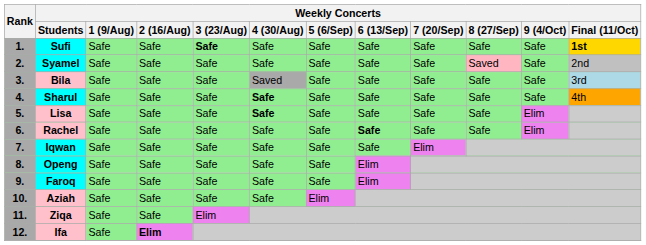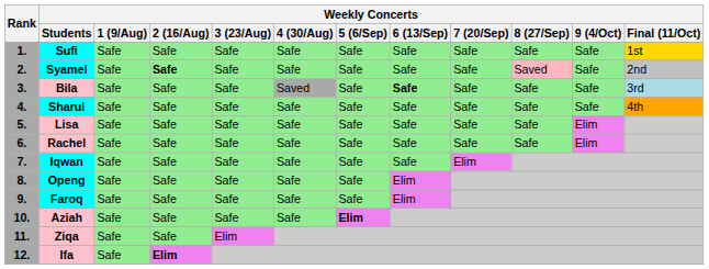 <table class="wikitable" style="font-size:90%;">
 <tr>
 <th rowspan="2">Rank</th>
 <th colspan="11">Weekly Concerts</th>
 </tr>
 <tr>
 <th>Students</th>
 <th>1 (9/Aug)</th>
 <th>2 (16/Aug)</th>
 <th>3 (23/Aug)</th>
 <th>4 (30/Aug)</th>
 <th>5 (6/Sep)</th>
 <th>6 (13/Sep)</th>
 <th>7 (20/Sep)</th>
 <th>8 (27/Sep)</th>
 <th>9 (4/Oct)</th>
 <th>Final (11/Oct)</th>
 </tr>
 <tr style="background: lightgreen;|">
 <th style="background: darkgray;">1.</th>
 <th style="background: cyan;">Sufi</th>
 <td>Safe</td>
 <td>Safe</td>
-<td><strong>Safe</strong></td>
 <td>Safe</td>
 <td>Safe</td>
 <td>Safe</td>
 <td>Safe</td>
 <td>Safe</td>
 <td>Safe</td>
-<td style="background: gold;"><strong>1st</strong></td>
+<td>Safe</td>
+<td style="background: gold;">1st</td>
 </tr>
 <tr style="background: lightgreen;|">
 <th style="background: darkgray;">2.</th>
 <th style="background: cyan;">Syamel</th>
 <td>Safe</td>
-<td>Safe</td>
+<td><strong>Safe</strong></td>
 <td>Safe</td>
 <td>Safe</td>
 <td>Safe</td>
 <td>Safe</td>
 <td>Safe</td>
 <td style="background: lightpink;">Saved</td>
 <td>Safe</td>
 <td style="background: silver;">2nd</td>
 </tr>
 <tr style="background: lightgreen;|">
 <th style="background: darkgray;">3.</th>
 <th style="background: pink;">Bila</th>
 <td>Safe</td>
 <td>Safe</td>
 <td>Safe</td>
 <td style="background: darkgray;">Saved</td>
 <td>Safe</td>
-<td>Safe</td>
+<td><strong>Safe</strong></td>
 <td>Safe</td>
 <td>Safe</td>
 <td>Safe</td>
 <td style="background: lightblue;">3rd</td>
 </tr>
 <tr style="background: lightgreen;|">
 <th style="background: darkgray;">4.</th>
 <th style="background: cyan;">Sharul</th>
 <td>Safe</td>
 <td>Safe</td>
 <td>Safe</td>
-<td><strong>Safe</strong></td>
+<td>Safe</td>
 <td>Safe</td>
 <td>Safe</td>
 <td>Safe</td>
 <td>Safe</td>
 <td>Safe</td>
 <td style="background: orange;">4th</td>
 </tr>
 <tr style="background: lightgreen;|">
 <th style="background: darkgray;">5.</th>
 <th style="background: pink;">Lisa</th>
 <td>Safe</td>
 <td>Safe</td>
 <td>Safe</td>
-<td><strong>Safe</strong></td>
+<td>Safe</td>
 <td>Safe</td>
 <td>Safe</td>
 <td>Safe</td>
 <td>Safe</td>
 <td style="background: violet;">Elim</td>
 <td style="background:#CCCCCC" colspan="10"></td>
 </tr>
 <tr style="background: lightgreen;|">
 <th style="background: darkgray;">6.</th>
 <th style="background: pink;">Rachel</th>
 <td>Safe</td>
 <td>Safe</td>
 <td>Safe</td>
 <td>Safe</td>
 <td>Safe</td>
-<td><strong>Safe</strong></td>
+<td>Safe</td>
 <td>Safe</td>
 <td>Safe</td>
 <td style="background: violet;">Elim</td>
 <td style="background:#CCCCCC" colspan="10"></td>
 </tr>
 <tr style="background: lightgreen;|">
 <th style="background: darkgray;">7.</th>
 <th style="background: cyan;">Iqwan</th>
 <td>Safe</td>
 <td>Safe</td>
 <td>Safe</td>
 <td>Safe</td>
 <td>Safe</td>
 <td>Safe</td>
 <td style="background: violet;">Elim</td>
 <td style="background:#CCCCCC" colspan="10"></td>
 </tr>
 <tr style="background: lightgreen;|">
 <th style="background: darkgray;">8.</th>
 <th style="background: cyan;">Openg</th>
 <td>Safe</td>
 <td>Safe</td>
 <td>Safe</td>
 <td>Safe</td>
 <td>Safe</td>
 <td style="background: violet;">Elim</td>
 <td style="background:#CCCCCC" colspan="10"></td>
 </tr>
 <tr style="background: lightgreen;|">
 <th style="background: darkgray;">9.</th>
 <th style="background: cyan;">Faroq</th>
 <td>Safe</td>
 <td>Safe</td>
 <td>Safe</td>
 <td>Safe</td>
 <td>Safe</td>
 <td style="background: violet;">Elim</td>
 <td style="background:#CCCCCC" colspan="10"></td>
 </tr>
 <tr style="background: lightgreen;|">
 <th style="background: darkgray;">10.</th>
 <th style="background: pink;">Aziah</th>
 <td>Safe</td>
 <td>Safe</td>
 <td>Safe</td>
 <td>Safe</td>
-<td style="background: violet;">Elim</td>
+<td style="background: violet;"><strong>Elim</strong></td>
 <td style="background:#CCCCCC" colspan="10"></td>
 </tr>
 <tr style="background: lightgreen;|">
 <th style="background: darkgray;">11.</th>
 <th style="background: pink;">Ziqa</th>
 <td>Safe</td>
 <td>Safe</td>
 <td style="background: violet;">Elim</td>
 <td style="background:#CCCCCC" colspan="10"></td>
 </tr>
 <tr style="background: lightgreen;|">
 <th style="background: darkgray;">12.</th>
 <th style="background: pink;">Ifa</th>
 <td>Safe</td>
 <td style="background: violet;"><strong>Elim</strong></td>
 <td style="background:#CCCCCC" colspan="10"></td>
 </tr>
 <tr>
 </tr>
 </table>
